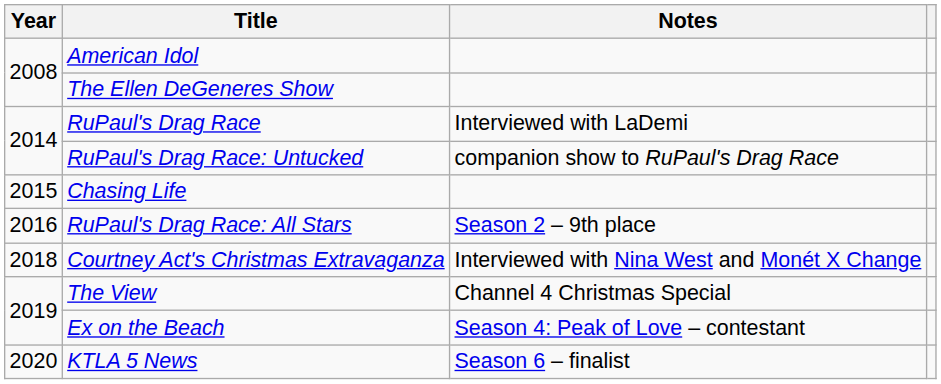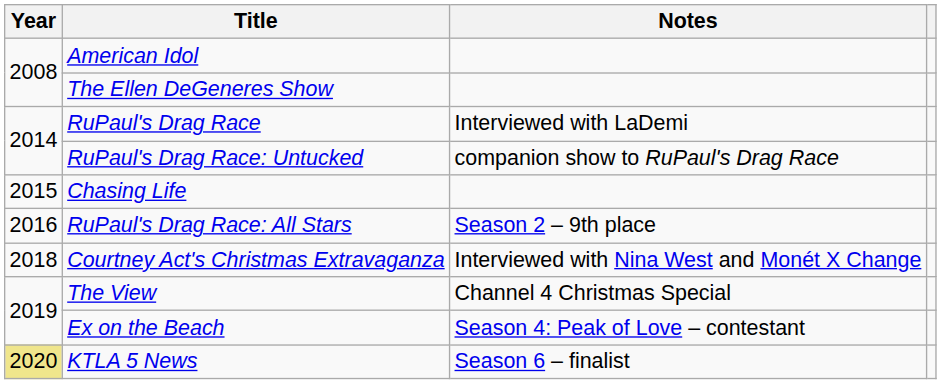 <table class="wikitable plainrowheaders" style="text-align:left;">
 <tr>
 <th>Year</th>
 <th>Title</th>
 <th>Notes</th>
 <th></th>
 </tr>
 <tr>
 <td rowspan="2">2008</td>
 <td><em><a href='#'>American Idol</a></em></td>
 <td></td>
 <td></td>
 </tr>
 <tr>
 <td><em><a href='#'>The Ellen DeGeneres Show</a></em></td>
 <td></td>
 <td></td>
 </tr>
 <tr>
 <td rowspan="2">2014</td>
 <td><em><a href='#'>RuPaul's Drag Race</a></em></td>
 <td>Interviewed with LaDemi</td>
 <td></td>
 </tr>
 <tr>
 <td><em><a href='#'>RuPaul's Drag Race: Untucked</a></em></td>
 <td>companion show to <em>RuPaul's Drag Race</em></td>
 <td></td>
 </tr>
 <tr>
 <td>2015</td>
 <td><em><a href='#'>Chasing Life</a></em></td>
 <td></td>
 <td></td>
 </tr>
 <tr>
 <td>2016</td>
 <td><em><a href='#'>RuPaul's Drag Race: All Stars</a></em></td>
 <td><a href='#'>Season 2</a> – 9th place</td>
 <td></td>
 </tr>
 <tr>
 <td>2018</td>
 <td><em><a href='#'>Courtney Act's Christmas Extravaganza</a></em></td>
 <td>Interviewed with <a href='#'>Nina West</a> and <a href='#'>Monét X Change</a></td>
 <td></td>
 </tr>
 <tr>
 <td rowspan="2">2019</td>
 <td><em><a href='#'>The View</a></em></td>
 <td>Channel 4 Christmas Special</td>
 <td></td>
 </tr>
 <tr>
 <td><em><a href='#'>Ex on the Beach</a></em></td>
 <td><a href='#'>Season 4: Peak of Love</a> – contestant</td>
 <td></td>
 </tr>
 <tr>
-<td>2020</td>
+<td style="background: khaki;">2020</td>
 <td><em><a href='#'>KTLA 5 News</a></em></td>
 <td><a href='#'>Season 6</a> – finalist</td>
 <td></td>
 </tr>
 </table>
